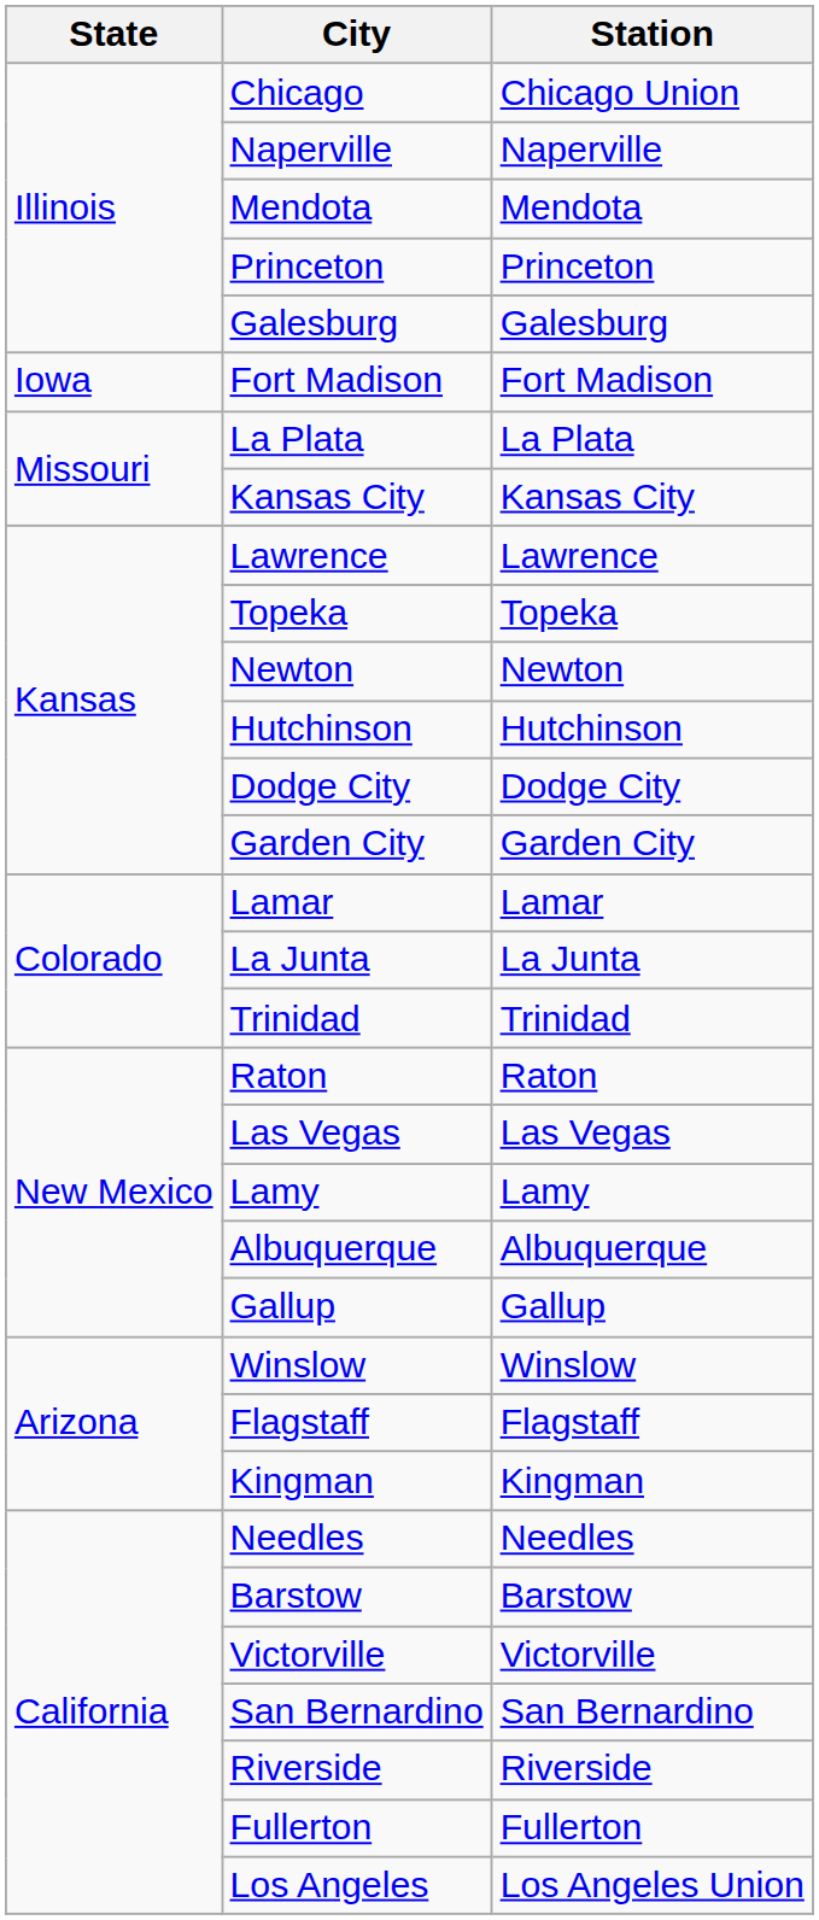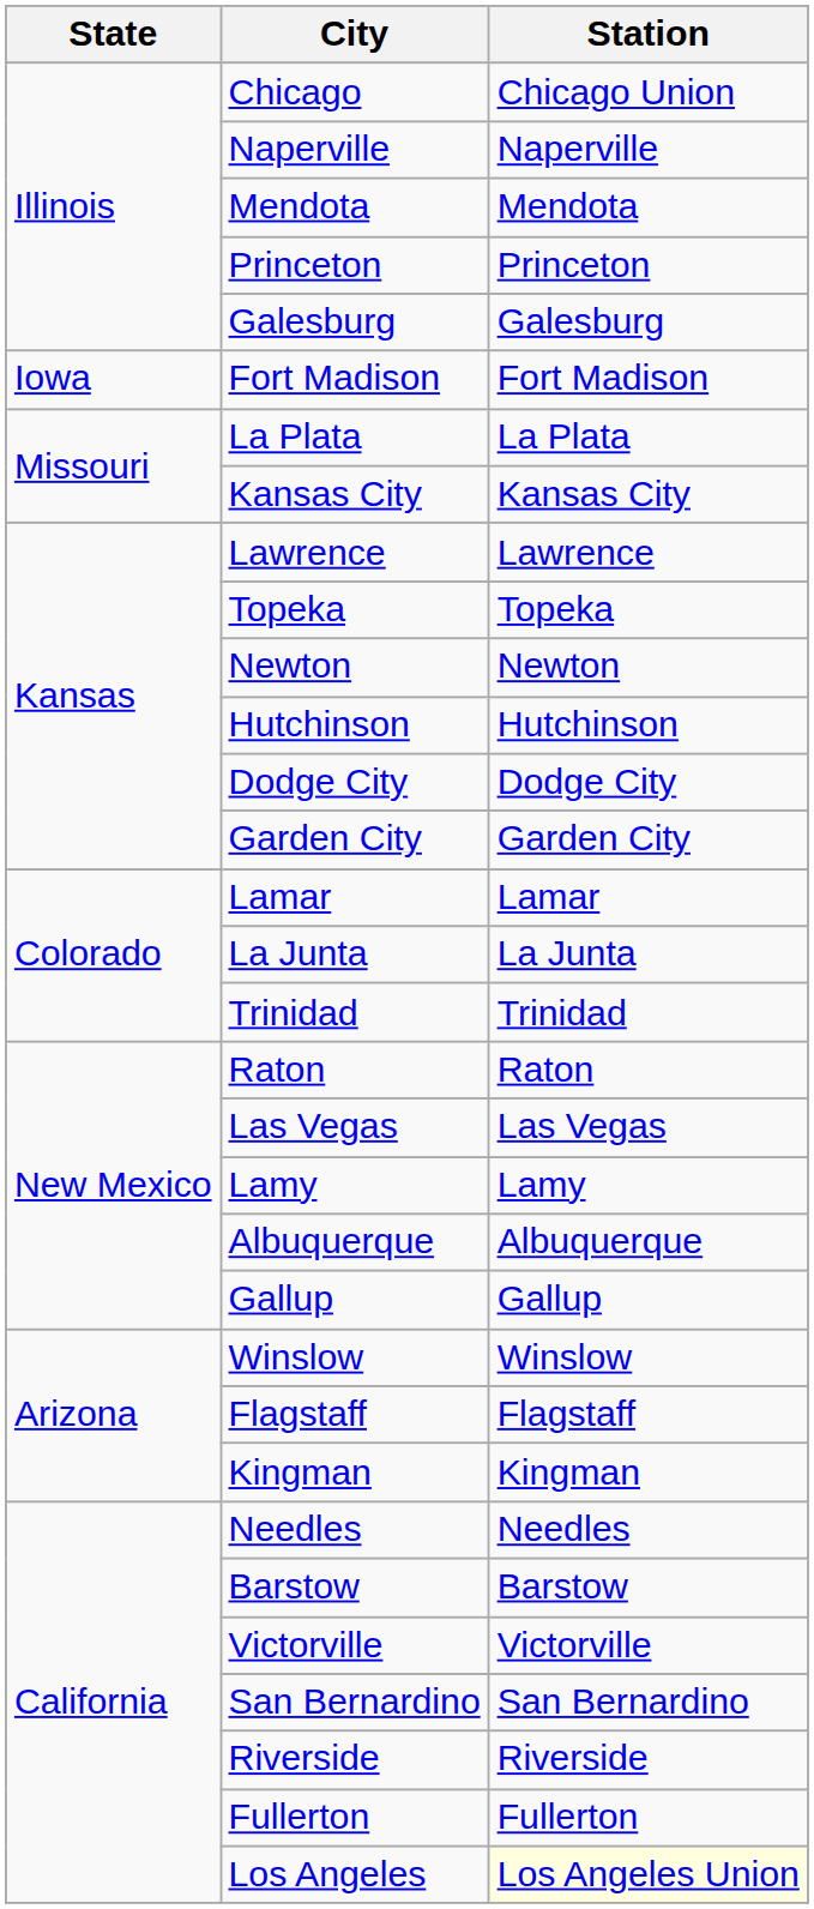 <table class="wikitable">
 <tr>
 <th>State</th>
 <th>City</th>
 <th>Station</th>
 </tr>
 <tr>
 <td rowspan='5'><a href='#'>Illinois</a></td>
 <td><a href='#'>Chicago</a></td>
 <td><a href='#'>Chicago Union</a></td>
 </tr>
 <tr>
 <td><a href='#'>Naperville</a></td>
 <td><a href='#'>Naperville</a></td>
 </tr>
 <tr>
 <td><a href='#'>Mendota</a></td>
 <td><a href='#'>Mendota</a></td>
 </tr>
 <tr>
 <td><a href='#'>Princeton</a></td>
 <td><a href='#'>Princeton</a></td>
 </tr>
 <tr>
 <td><a href='#'>Galesburg</a></td>
 <td><a href='#'>Galesburg</a></td>
 </tr>
 <tr>
 <td rowspan='1'><a href='#'>Iowa</a></td>
 <td><a href='#'>Fort Madison</a></td>
 <td><a href='#'>Fort Madison</a></td>
 </tr>
 <tr>
 <td rowspan='2'><a href='#'>Missouri</a></td>
 <td><a href='#'>La Plata</a></td>
 <td><a href='#'>La Plata</a></td>
 </tr>
 <tr>
 <td><a href='#'>Kansas City</a></td>
 <td><a href='#'>Kansas City</a></td>
 </tr>
 <tr>
 <td rowspan='6'><a href='#'>Kansas</a></td>
 <td><a href='#'>Lawrence</a></td>
 <td><a href='#'>Lawrence</a></td>
 </tr>
 <tr>
 <td><a href='#'>Topeka</a></td>
 <td><a href='#'>Topeka</a></td>
 </tr>
 <tr>
 <td><a href='#'>Newton</a></td>
 <td><a href='#'>Newton</a></td>
 </tr>
 <tr>
 <td><a href='#'>Hutchinson</a></td>
 <td><a href='#'>Hutchinson</a></td>
 </tr>
 <tr>
 <td><a href='#'>Dodge City</a></td>
 <td><a href='#'>Dodge City</a></td>
 </tr>
 <tr>
 <td><a href='#'>Garden City</a></td>
 <td><a href='#'>Garden City</a></td>
 </tr>
 <tr>
 <td rowspan='3'><a href='#'>Colorado</a></td>
 <td><a href='#'>Lamar</a></td>
 <td><a href='#'>Lamar</a></td>
 </tr>
 <tr>
 <td><a href='#'>La Junta</a></td>
 <td><a href='#'>La Junta</a></td>
 </tr>
 <tr>
 <td><a href='#'>Trinidad</a></td>
 <td><a href='#'>Trinidad</a></td>
 </tr>
 <tr>
 <td rowspan='5'><a href='#'>New Mexico</a></td>
 <td><a href='#'>Raton</a></td>
 <td><a href='#'>Raton</a></td>
 </tr>
 <tr>
 <td><a href='#'>Las Vegas</a></td>
 <td><a href='#'>Las Vegas</a></td>
 </tr>
 <tr>
 <td><a href='#'>Lamy</a></td>
 <td><a href='#'>Lamy</a></td>
 </tr>
 <tr>
 <td><a href='#'>Albuquerque</a></td>
 <td><a href='#'>Albuquerque</a></td>
 </tr>
 <tr>
 <td><a href='#'>Gallup</a></td>
 <td><a href='#'>Gallup</a></td>
 </tr>
 <tr>
 <td rowspan='3'><a href='#'>Arizona</a></td>
 <td><a href='#'>Winslow</a></td>
 <td><a href='#'>Winslow</a></td>
 </tr>
 <tr>
 <td><a href='#'>Flagstaff</a></td>
 <td><a href='#'>Flagstaff</a></td>
 </tr>
 <tr>
 <td><a href='#'>Kingman</a></td>
 <td><a href='#'>Kingman</a></td>
 </tr>
 <tr>
 <td rowspan='7'><a href='#'>California</a></td>
 <td><a href='#'>Needles</a></td>
 <td><a href='#'>Needles</a></td>
 </tr>
 <tr>
 <td><a href='#'>Barstow</a></td>
 <td><a href='#'>Barstow</a></td>
 </tr>
 <tr>
 <td><a href='#'>Victorville</a></td>
 <td><a href='#'>Victorville</a></td>
 </tr>
 <tr>
 <td><a href='#'>San Bernardino</a></td>
 <td><a href='#'>San Bernardino</a></td>
 </tr>
 <tr>
 <td><a href='#'>Riverside</a></td>
 <td><a href='#'>Riverside</a></td>
 </tr>
 <tr>
 <td><a href='#'>Fullerton</a></td>
 <td><a href='#'>Fullerton</a></td>
 </tr>
 <tr>
 <td><a href='#'>Los Angeles</a></td>
-<td><a href='#'>Los Angeles Union</a></td>
+<td style="background: lightyellow;"><a href='#'>Los Angeles Union</a></td>
 </tr>
 </table>
